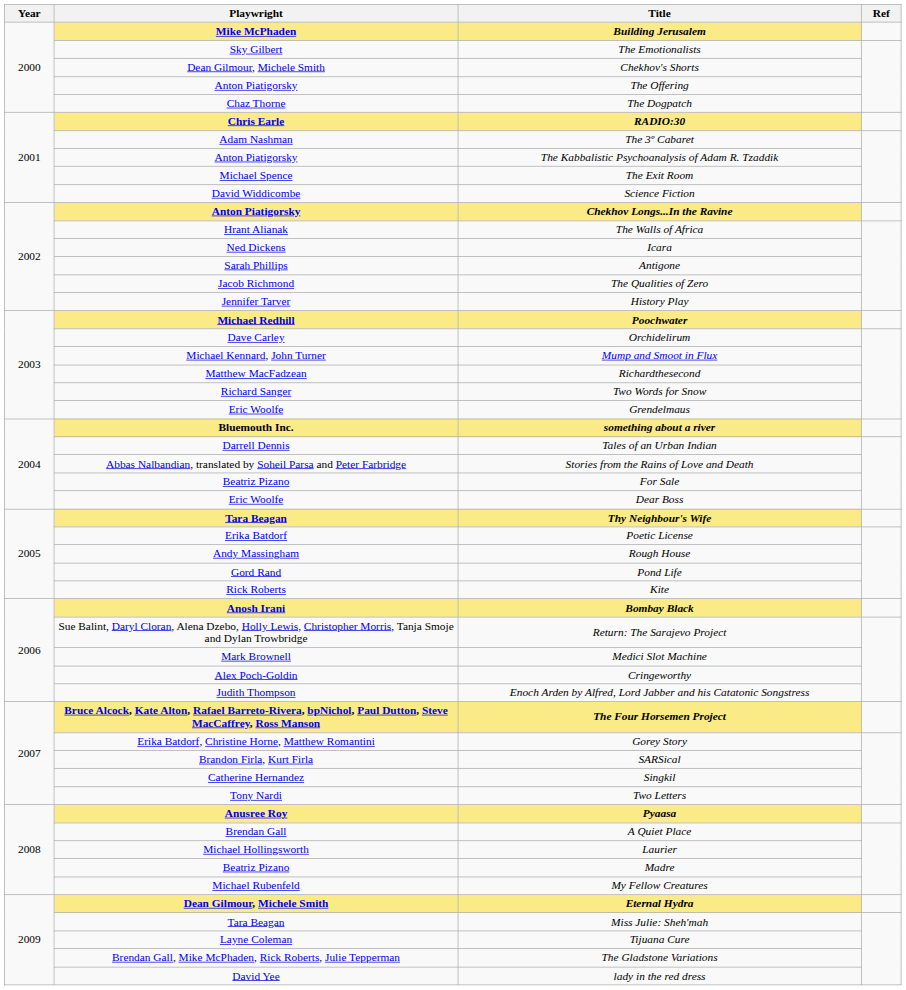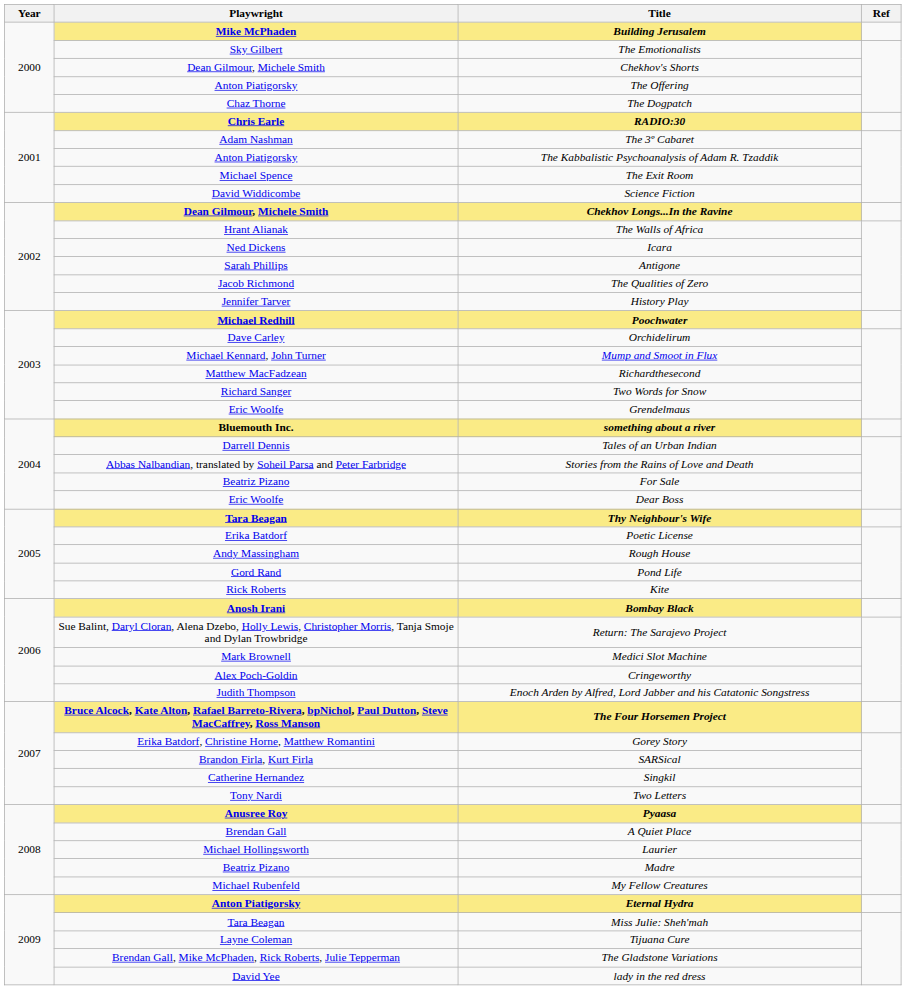 <table class="wikitable" width="100%" style="text-align:center;">
 <tr>
 <th>Year</th>
 <th width="45%">Playwright</th>
 <th width="45%">Title</th>
 <th>Ref</th>
 </tr>
 <tr>
 <td rowspan=5>2000</td>
 <td style="background:#FAEB86"><strong><a href='#'>Mike McPhaden</a></strong></td>
 <td style="background:#FAEB86"><strong><em>Building Jerusalem</em></strong></td>
 <td></td>
 </tr>
 <tr>
 <td><a href='#'>Sky Gilbert</a></td>
 <td><em>The Emotionalists</em></td>
 <td rowspan=4></td>
 </tr>
 <tr>
 <td><a href='#'>Dean Gilmour</a>, <a href='#'>Michele Smith</a></td>
 <td><em>Chekhov's Shorts</em></td>
 </tr>
 <tr>
 <td><a href='#'>Anton Piatigorsky</a></td>
 <td><em>The Offering</em></td>
 </tr>
 <tr>
 <td><a href='#'>Chaz Thorne</a></td>
 <td><em>The Dogpatch</em></td>
 </tr>
 <tr>
 <td rowspan=5>2001</td>
 <td style="background:#FAEB86"><strong><a href='#'>Chris Earle</a></strong></td>
 <td style="background:#FAEB86"><strong><em>RADIO:30</em></strong></td>
 <td></td>
 </tr>
 <tr>
 <td><a href='#'>Adam Nashman</a></td>
 <td><em>The 3º Cabaret</em></td>
 <td rowspan=4></td>
 </tr>
 <tr>
 <td><a href='#'>Anton Piatigorsky</a></td>
 <td><em>The Kabbalistic Psychoanalysis of Adam R. Tzaddik</em></td>
 </tr>
 <tr>
 <td><a href='#'>Michael Spence</a></td>
 <td><em>The Exit Room</em></td>
 </tr>
 <tr>
 <td><a href='#'>David Widdicombe</a></td>
 <td><em>Science Fiction</em></td>
 </tr>
 <tr>
 <td rowspan=6>2002</td>
-<td style="background:#FAEB86"><strong><a href='#'>Anton Piatigorsky</a></strong></td>
+<td style="background:#FAEB86"><strong><a href='#'>Dean Gilmour</a>, <a href='#'>Michele Smith</a></strong></td>
 <td style="background:#FAEB86"><strong><em>Chekhov Longs...In the Ravine</em></strong></td>
 <td></td>
 </tr>
 <tr>
 <td><a href='#'>Hrant Alianak</a></td>
 <td><em>The Walls of Africa</em></td>
 <td rowspan=5></td>
 </tr>
 <tr>
 <td><a href='#'>Ned Dickens</a></td>
 <td><em>Icara</em></td>
 </tr>
 <tr>
 <td><a href='#'>Sarah Phillips</a></td>
 <td><em>Antigone</em></td>
 </tr>
 <tr>
 <td><a href='#'>Jacob Richmond</a></td>
 <td><em>The Qualities of Zero</em></td>
 </tr>
 <tr>
 <td><a href='#'>Jennifer Tarver</a></td>
 <td><em>History Play</em></td>
 </tr>
 <tr>
 <td rowspan=6>2003</td>
 <td style="background:#FAEB86"><strong><a href='#'>Michael Redhill</a></strong></td>
 <td style="background:#FAEB86"><strong><em>Poochwater</em></strong></td>
 <td></td>
 </tr>
 <tr>
 <td><a href='#'>Dave Carley</a></td>
 <td><em>Orchidelirum</em></td>
 <td rowspan=5></td>
 </tr>
 <tr>
 <td><a href='#'>Michael Kennard</a>, <a href='#'>John Turner</a></td>
 <td><em><a href='#'>Mump and Smoot in Flux</a></em></td>
 </tr>
 <tr>
 <td><a href='#'>Matthew MacFadzean</a></td>
 <td><em>Richardthesecond</em></td>
 </tr>
 <tr>
 <td><a href='#'>Richard Sanger</a></td>
 <td><em>Two Words for Snow</em></td>
 </tr>
 <tr>
 <td><a href='#'>Eric Woolfe</a></td>
 <td><em>Grendelmaus</em></td>
 </tr>
 <tr>
 <td rowspan=5>2004</td>
 <td style="background:#FAEB86"><strong>Bluemouth Inc.</strong></td>
 <td style="background:#FAEB86"><strong><em>something about a river</em></strong></td>
 <td></td>
 </tr>
 <tr>
 <td><a href='#'>Darrell Dennis</a></td>
 <td><em>Tales of an Urban Indian</em></td>
 <td rowspan=4></td>
 </tr>
 <tr>
 <td><a href='#'>Abbas Nalbandian</a>, translated by <a href='#'>Soheil Parsa</a> and <a href='#'>Peter Farbridge</a></td>
 <td><em>Stories from the Rains of Love and Death</em></td>
 </tr>
 <tr>
 <td><a href='#'>Beatriz Pizano</a></td>
 <td><em>For Sale</em></td>
 </tr>
 <tr>
 <td><a href='#'>Eric Woolfe</a></td>
 <td><em>Dear Boss</em></td>
 </tr>
 <tr>
 <td rowspan=5>2005</td>
 <td style="background:#FAEB86"><strong><a href='#'>Tara Beagan</a></strong></td>
 <td style="background:#FAEB86"><strong><em>Thy Neighbour's Wife</em></strong></td>
 <td></td>
 </tr>
 <tr>
 <td><a href='#'>Erika Batdorf</a></td>
 <td><em>Poetic License</em></td>
 <td rowspan=4></td>
 </tr>
 <tr>
 <td><a href='#'>Andy Massingham</a></td>
 <td><em>Rough House</em></td>
 </tr>
 <tr>
 <td><a href='#'>Gord Rand</a></td>
 <td><em>Pond Life</em></td>
 </tr>
 <tr>
 <td><a href='#'>Rick Roberts</a></td>
 <td><em>Kite</em></td>
 </tr>
 <tr>
 <td rowspan=5>2006</td>
 <td style="background:#FAEB86"><strong><a href='#'>Anosh Irani</a></strong></td>
 <td style="background:#FAEB86"><strong><em>Bombay Black</em></strong></td>
 <td></td>
 </tr>
 <tr>
 <td>Sue Balint, <a href='#'>Daryl Cloran</a>, Alena Dzebo, <a href='#'>Holly Lewis</a>, <a href='#'>Christopher Morris</a>, Tanja Smoje and Dylan Trowbridge</td>
 <td><em>Return: The Sarajevo Project</em></td>
 <td rowspan=4></td>
 </tr>
 <tr>
 <td><a href='#'>Mark Brownell</a></td>
 <td><em>Medici Slot Machine</em></td>
 </tr>
 <tr>
 <td><a href='#'>Alex Poch-Goldin</a></td>
 <td><em>Cringeworthy</em></td>
 </tr>
 <tr>
 <td><a href='#'>Judith Thompson</a></td>
 <td><em>Enoch Arden by Alfred, Lord Jabber and his Catatonic Songstress</em></td>
 </tr>
 <tr>
 <td rowspan=5>2007</td>
 <td style="background:#FAEB86"><strong><a href='#'>Bruce Alcock</a>, <a href='#'>Kate Alton</a>, <a href='#'>Rafael Barreto-Rivera</a>, <a href='#'>bpNichol</a>, <a href='#'>Paul Dutton</a>, <a href='#'>Steve MacCaffrey</a>, <a href='#'>Ross Manson</a></strong></td>
 <td style="background:#FAEB86"><strong><em>The Four Horsemen Project</em></strong></td>
 <td></td>
 </tr>
 <tr>
 <td><a href='#'>Erika Batdorf</a>, <a href='#'>Christine Horne</a>, <a href='#'>Matthew Romantini</a></td>
 <td><em>Gorey Story</em></td>
 <td rowspan=4></td>
 </tr>
 <tr>
 <td><a href='#'>Brandon Firla</a>, <a href='#'>Kurt Firla</a></td>
 <td><em>SARSical</em></td>
 </tr>
 <tr>
 <td><a href='#'>Catherine Hernandez</a></td>
 <td><em>Singkil</em></td>
 </tr>
 <tr>
 <td><a href='#'>Tony Nardi</a></td>
 <td><em>Two Letters</em></td>
 </tr>
 <tr>
 <td rowspan=5>2008</td>
 <td style="background:#FAEB86"><strong><a href='#'>Anusree Roy</a></strong></td>
 <td style="background:#FAEB86"><strong><em>Pyaasa</em></strong></td>
 <td></td>
 </tr>
 <tr>
 <td><a href='#'>Brendan Gall</a></td>
 <td><em>A Quiet Place</em></td>
 <td rowspan=4></td>
 </tr>
 <tr>
 <td><a href='#'>Michael Hollingsworth</a></td>
 <td><em>Laurier</em></td>
 </tr>
 <tr>
 <td><a href='#'>Beatriz Pizano</a></td>
 <td><em>Madre</em></td>
 </tr>
 <tr>
 <td><a href='#'>Michael Rubenfeld</a></td>
 <td><em>My Fellow Creatures</em></td>
 </tr>
 <tr>
 <td rowspan=5>2009</td>
-<td style="background:#FAEB86"><strong><a href='#'>Dean Gilmour</a>, <a href='#'>Michele Smith</a></strong></td>
+<td style="background:#FAEB86"><strong><a href='#'>Anton Piatigorsky</a></strong></td>
 <td style="background:#FAEB86"><strong><em>Eternal Hydra</em></strong></td>
 <td></td>
 </tr>
 <tr>
 <td><a href='#'>Tara Beagan</a></td>
 <td><em>Miss Julie: Sheh'mah</em></td>
 <td rowspan=4></td>
 </tr>
 <tr>
 <td><a href='#'>Layne Coleman</a></td>
 <td><em>Tijuana Cure</em></td>
 </tr>
 <tr>
 <td><a href='#'>Brendan Gall</a>, <a href='#'>Mike McPhaden</a>, <a href='#'>Rick Roberts</a>, <a href='#'>Julie Tepperman</a></td>
 <td><em>The Gladstone Variations</em></td>
 </tr>
 <tr>
 <td><a href='#'>David Yee</a></td>
 <td><em>lady in the red dress</em></td>
 </tr>
 </table>
